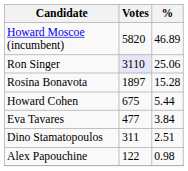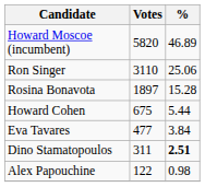 <table class="wikitable">
 <tr>
 <th bgcolor="#DDDDFF" width="150px">Candidate</th>
 <th bgcolor="#DDDDFF">Votes</th>
 <th bgcolor="#DDDDFF">%</th>
 </tr>
 <tr>
 <td><a href='#'>Howard Moscoe</a> (incumbent)</td>
 <td>5820</td>
 <td>46.89</td>
 </tr>
 <tr>
 <td>Ron Singer</td>
-<td style="background: lavender;">3110</td>
+<td>3110</td>
 <td>25.06</td>
 </tr>
 <tr>
 <td>Rosina Bonavota</td>
 <td>1897</td>
 <td>15.28</td>
 </tr>
 <tr>
 <td>Howard Cohen</td>
 <td>675</td>
 <td>5.44</td>
 </tr>
 <tr>
 <td>Eva Tavares</td>
 <td>477</td>
 <td>3.84</td>
 </tr>
 <tr>
 <td>Dino Stamatopoulos</td>
 <td>311</td>
-<td>2.51</td>
+<td><strong>2.51</strong></td>
 </tr>
 <tr>
 <td>Alex Papouchine</td>
 <td>122</td>
 <td>0.98</td>
 </tr>
 <tr>
 </tr>
 </table>
